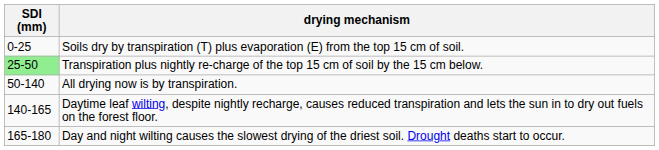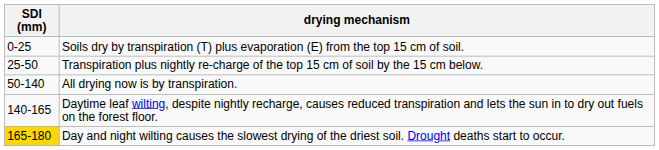 <table class="wikitable">
 <tr>
 <th>SDI (mm)</th>
 <th>drying  mechanism</th>
 </tr>
 <tr>
 <td>0-25</td>
 <td>Soils dry by transpiration (T) plus  evaporation (E) from the top 15 cm of soil.</td>
 </tr>
 <tr>
-<td style="background: lightgreen;">25-50</td>
+<td>25-50</td>
 <td>Transpiration  plus nightly re-charge of the top 15 cm of soil by the 15 cm below.</td>
 </tr>
 <tr>
 <td>50-140</td>
 <td>All drying now is by transpiration.</td>
 </tr>
 <tr>
 <td>140-165</td>
 <td>Daytime  leaf <a href='#'>wilting</a>, despite nightly recharge, causes reduced transpiration and lets the sun in to dry out fuels on the forest floor.</td>
 </tr>
 <tr>
-<td>165-180</td>
+<td style="background: gold;">165-180</td>
 <td>Day and night wilting causes the  slowest drying of the driest soil. <a href='#'>Drought</a> deaths start to occur.</td>
 </tr>
 </table>
